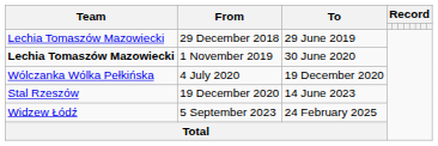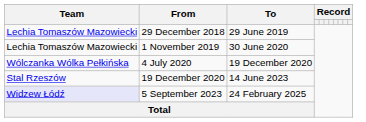 <table class="wikitable" style="text-align: center;">
 <tr>
 <th rowspan="2">Team</th>
 <th rowspan="2">From</th>
 <th rowspan="2">To</th>
 <th colspan="8">Record</th>
 </tr>
 <tr>
 <th></th>
 <th></th>
 <th></th>
 <th></th>
 <th></th>
 <th></th>
 <th></th>
 <th></th>
 </tr>
 <tr>
 <td align=left><a href='#'>Lechia Tomaszów Mazowiecki</a></td>
 <td align=left>29 December 2018</td>
 <td align=left>29 June 2019<br></td>
 </tr>
 <tr>
-<td align=left><strong>Lechia Tomaszów Mazowiecki</strong></td>
+<td align=left>Lechia Tomaszów Mazowiecki</td>
 <td align=left>1 November 2019</td>
 <td align=left>30 June 2020<br></td>
 </tr>
 <tr>
 <td align=left><a href='#'>Wólczanka Wólka Pełkińska</a></td>
 <td align=left>4 July 2020</td>
 <td align=left>19 December 2020<br></td>
 </tr>
 <tr>
 <td align=left><a href='#'>Stal Rzeszów</a></td>
 <td align=left>19 December 2020</td>
 <td align=left>14 June 2023<br></td>
 </tr>
 <tr>
-<td align=left><a href='#'>Widzew Łódź</a></td>
+<td align=left style="background: lavender;"><a href='#'>Widzew Łódź</a></td>
 <td align=left>5 September 2023</td>
 <td align=left>24 February 2025<br></td>
 </tr>
 <tr>
 <th colspan="3">Total<br></th>
 </tr>
 </table>
